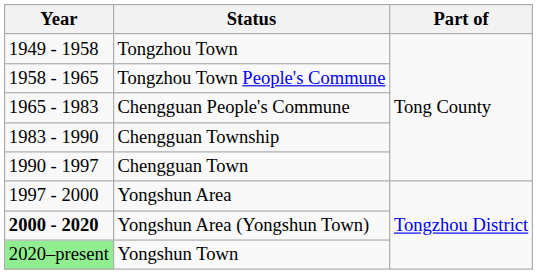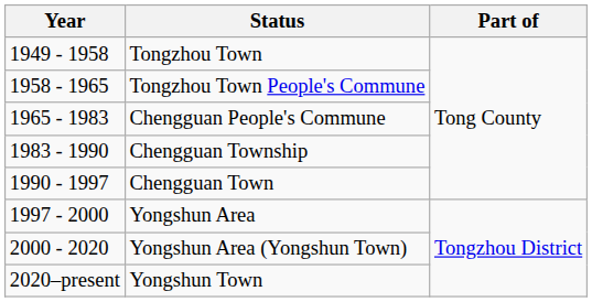 <table class="wikitable">
 <tr>
 <th>Year</th>
 <th>Status</th>
 <th>Part of</th>
 </tr>
 <tr>
 <td>1949 - 1958</td>
 <td>Tongzhou Town</td>
 <td rowspan="5">Tong County</td>
 </tr>
 <tr>
 <td>1958 - 1965</td>
 <td>Tongzhou Town <a href='#'>People's Commune</a></td>
 </tr>
 <tr>
 <td>1965 - 1983</td>
 <td>Chengguan People's Commune</td>
 </tr>
 <tr>
 <td>1983 - 1990</td>
 <td>Chengguan Township</td>
 </tr>
 <tr>
 <td>1990 - 1997</td>
 <td>Chengguan Town</td>
 </tr>
 <tr>
 <td>1997 - 2000</td>
 <td>Yongshun Area</td>
 <td rowspan="3"><a href='#'>Tongzhou District</a></td>
 </tr>
 <tr>
-<td><strong>2000 - 2020</strong></td>
+<td>2000 - 2020</td>
 <td>Yongshun Area (Yongshun Town)</td>
 </tr>
 <tr>
-<td style="background: lightgreen;">2020–present</td>
+<td>2020–present</td>
 <td>Yongshun Town</td>
 </tr>
 </table>
